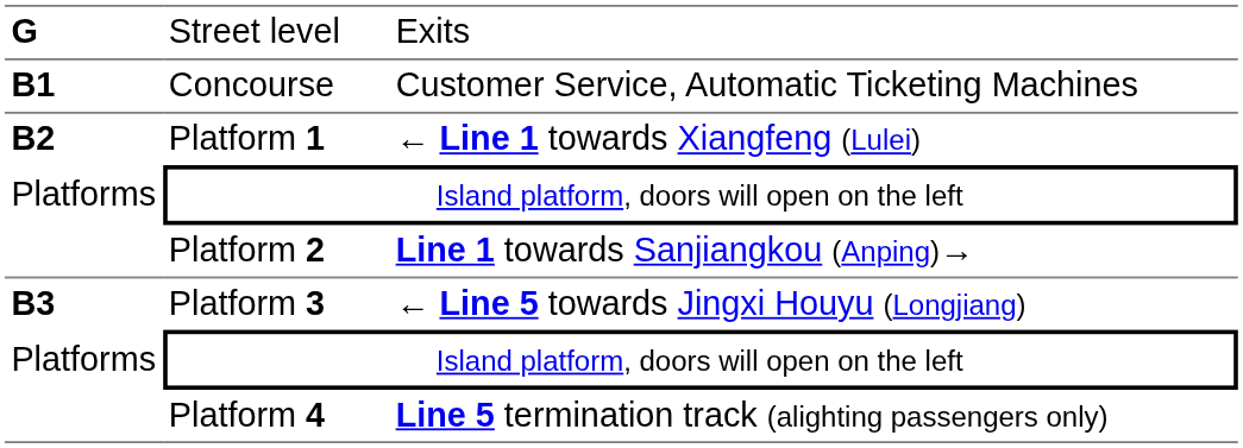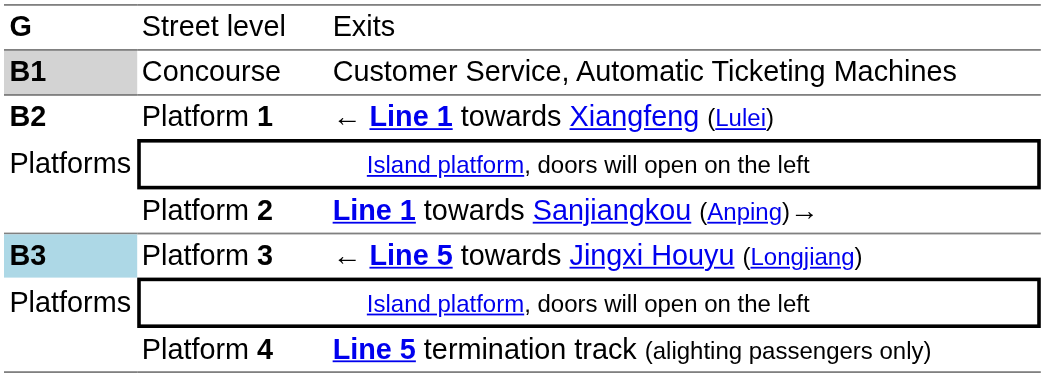 <table cellpadding="3" cellspacing="0" border="0">
 <tr>
 <td valign="top" width="50" style="border-top:solid 1px gray;"><strong>G</strong></td>
 <td valign="top" width="100" style="border-top:solid 1px gray;">Street level</td>
 <td valign="top" width="390" style="border-top:solid 1px gray;">Exits</td>
 </tr>
 <tr>
-<td width="50" valign="top" style="border-bottom:solid 1px gray; border-top:solid 1px gray;"><strong>B1</strong></td>
+<td width="50" valign="top" style="background: lightgrey; border-bottom:solid 1px gray; border-top:solid 1px gray;"><strong>B1</strong></td>
 <td width="100" valign="top" style="border-bottom:solid 1px gray; border-top:solid 1px gray;">Concourse</td>
 <td width="390" valign="top" style="border-bottom:solid 1px gray; border-top:solid 1px gray;">Customer Service, Automatic Ticketing Machines</td>
 </tr>
 <tr>
 <td valign="top"><strong>B2</strong></td>
 <td><span>Platform <strong>1</strong></span></td>
 <td><span>←</span> <a href='#'><span><span><strong>Line 1</strong></span></span></a>  towards <a href='#'>Xiangfeng</a> <small>(<a href='#'>Lulei</a>)</small></td>
 </tr>
 <tr>
 <td>Platforms</td>
 <td colspan="2" style="border-right:solid 2px black;border-left:solid 2px black;border-top:solid 2px black;border-bottom:solid 2px black;text-align:center;"><small><a href='#'>Island platform</a>, doors will open on the left</small></td>
 </tr>
 <tr>
 <td style="border-bottom:solid 1px gray;"></td>
 <td style="border-bottom:solid 1px gray;"><span>Platform <strong>2</strong></span></td>
 <td style="border-bottom:solid 1px gray;"> <a href='#'><span><span><strong>Line 1</strong></span></span></a>  towards <a href='#'>Sanjiangkou</a> <small>(<a href='#'>Anping</a>)</small>→</td>
 </tr>
 <tr>
-<td valign="top"><strong>B3</strong></td>
+<td valign="top" style="background: lightblue;"><strong>B3</strong></td>
 <td><span>Platform <strong>3</strong></span></td>
 <td><span>←</span> <a href='#'><span><span><strong>Line 5</strong></span></span></a>  towards <a href='#'>Jingxi Houyu</a> <small>(<a href='#'>Longjiang</a>)</small></td>
 </tr>
 <tr>
 <td>Platforms</td>
 <td colspan="2" style="border-right:solid 2px black;border-left:solid 2px black;border-top:solid 2px black;border-bottom:solid 2px black;text-align:center;"><small><a href='#'>Island platform</a>, doors will open on the left</small></td>
 </tr>
 <tr>
 <td style="border-bottom:solid 1px gray;"></td>
 <td style="border-bottom:solid 1px gray;"><span>Platform <strong>4</strong></span></td>
 <td style="border-bottom:solid 1px gray;"> <a href='#'><span><span><strong>Line 5</strong></span></span></a>  termination track <small>(alighting passengers only)</small></td>
 </tr>
 </table>
